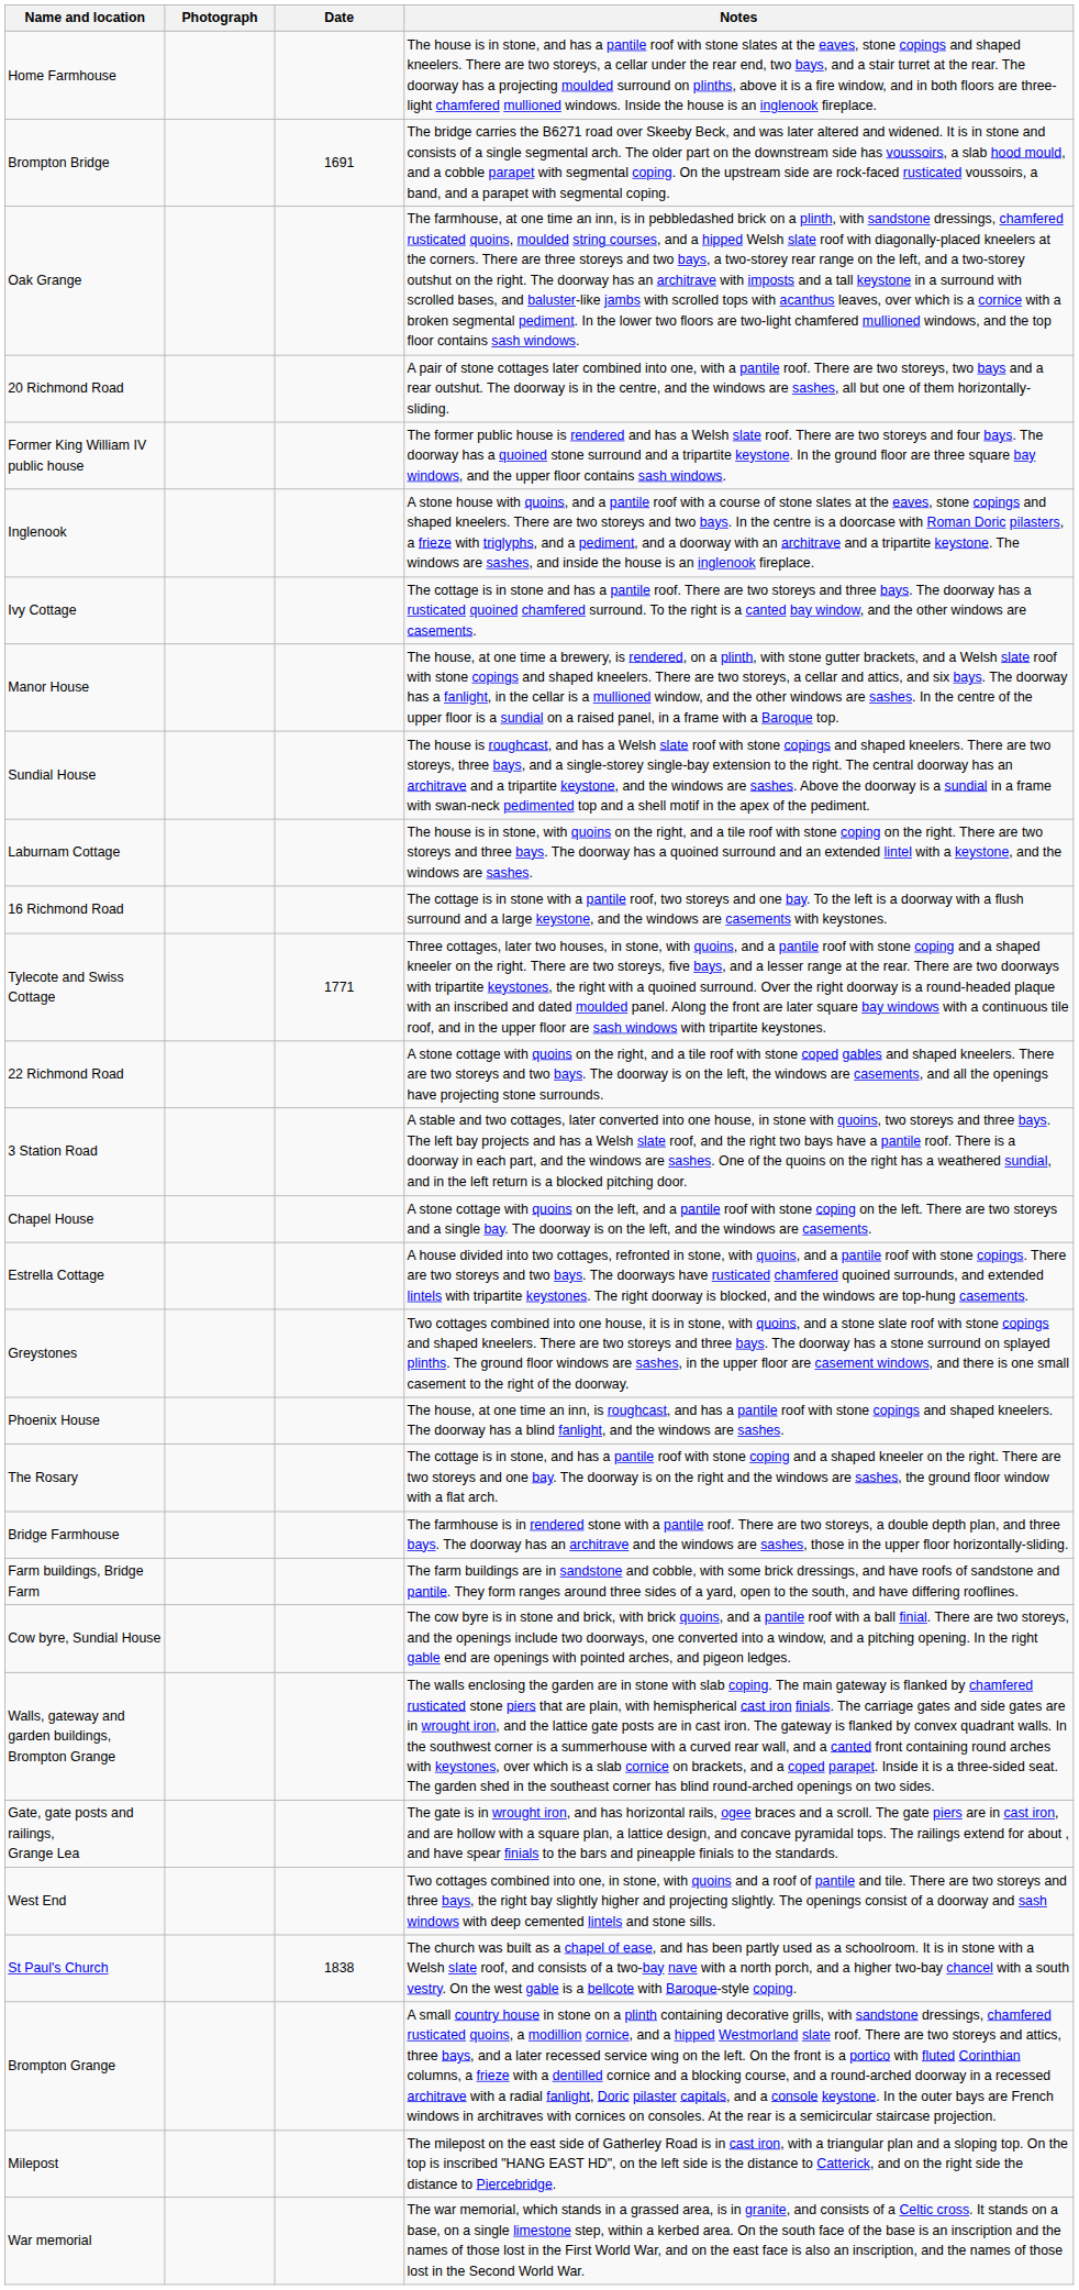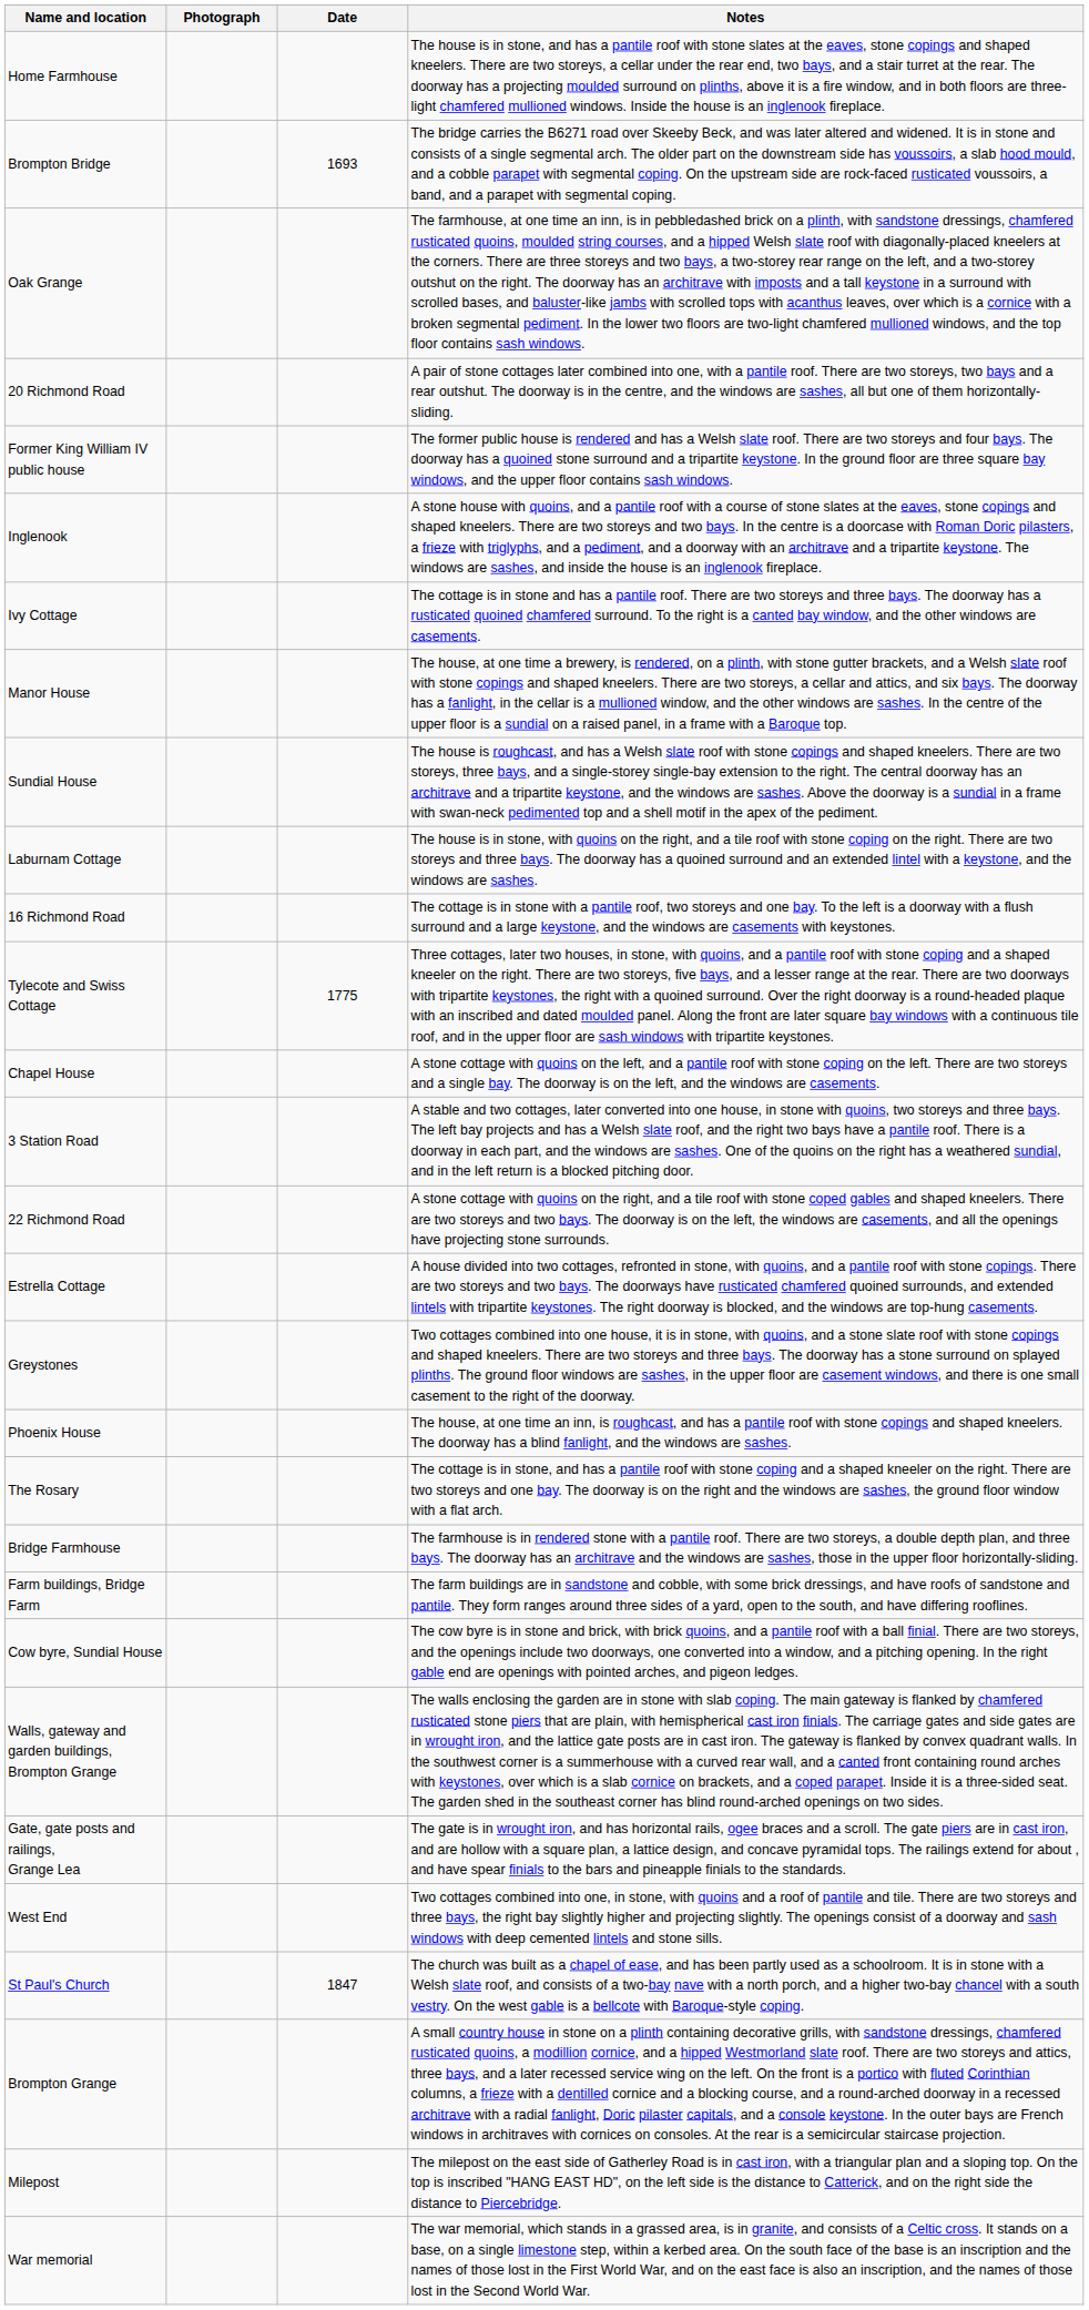 <table class="wikitable sortable plainrowheaders" style="width:100%;border:0px;text-align:left;line-height:150%;">
 <tr>
 <th scope="col"  style="width:150px">Name and location</th>
 <th scope="col"  style="width:100px" class="unsortable">Photograph</th>
 <th scope="col"  style="width:120px">Date</th>
 <th scope="col"  style="width:650px" class="unsortable">Notes</th>
 </tr>
 <tr>
 <td>Home Farmhouse<br><small></small></td>
 <td></td>
 <td align="center"></td>
 <td>The house is in stone, and has a <a href='#'>pantile</a> roof with stone slates at the <a href='#'>eaves</a>, stone <a href='#'>copings</a> and shaped kneelers.  There are two storeys, a cellar under the rear end, two <a href='#'>bays</a>, and a stair turret at the rear.   The doorway has a projecting <a href='#'>moulded</a> surround on <a href='#'>plinths</a>, above it is a fire window, and in both floors are three-light <a href='#'>chamfered</a> <a href='#'>mullioned</a> windows.  Inside the house is an <a href='#'>inglenook</a> fireplace.</td>
 </tr>
 <tr>
 <td>Brompton Bridge<br><small></small></td>
 <td></td>
-<td align="center">1691</td>
+<td align="center">1693</td>
 <td>The bridge carries the B6271 road over Skeeby Beck, and was later altered and widened.  It is in stone and consists of a single segmental arch.  The older part on the downstream side has <a href='#'>voussoirs</a>, a slab <a href='#'>hood mould</a>, and a cobble <a href='#'>parapet</a> with segmental <a href='#'>coping</a>.  On the upstream side are rock-faced <a href='#'>rusticated</a> voussoirs, a band, and a parapet with segmental coping.</td>
 </tr>
 <tr>
 <td>Oak Grange<br><small></small></td>
 <td></td>
 <td align="center"></td>
 <td>The farmhouse, at one time an inn, is in pebbledashed brick on a <a href='#'>plinth</a>, with <a href='#'>sandstone</a> dressings, <a href='#'>chamfered</a> <a href='#'>rusticated</a> <a href='#'>quoins</a>, <a href='#'>moulded</a> <a href='#'>string courses</a>, and a <a href='#'>hipped</a> Welsh <a href='#'>slate</a> roof with diagonally-placed kneelers at the corners.  There are three storeys and two <a href='#'>bays</a>, a two-storey rear range on the left, and a two-storey outshut on the right.  The doorway has an <a href='#'>architrave</a> with <a href='#'>imposts</a> and a tall <a href='#'>keystone</a> in a surround with scrolled bases, and <a href='#'>baluster</a>-like <a href='#'>jambs</a> with scrolled tops with <a href='#'>acanthus</a> leaves, over which is a <a href='#'>cornice</a> with a broken segmental <a href='#'>pediment</a>.  In the lower two floors are two-light chamfered <a href='#'>mullioned</a> windows, and the top floor contains <a href='#'>sash windows</a>.</td>
 </tr>
 <tr>
 <td>20 Richmond Road<br><small></small></td>
 <td></td>
 <td align="center"></td>
 <td>A pair of stone cottages later combined into one, with a <a href='#'>pantile</a> roof.  There are two storeys, two <a href='#'>bays</a> and a rear outshut.  The doorway is in the centre, and the windows are <a href='#'>sashes</a>, all but one of them horizontally-sliding.</td>
 </tr>
 <tr>
 <td>Former King William IV public house<br><small></small></td>
 <td></td>
 <td align="center"></td>
 <td>The former public house is <a href='#'>rendered</a> and has a Welsh <a href='#'>slate</a> roof.  There are two storeys and four <a href='#'>bays</a>.  The doorway has a <a href='#'>quoined</a> stone surround and a tripartite <a href='#'>keystone</a>.  In the ground floor are three square <a href='#'>bay windows</a>, and the upper floor contains <a href='#'>sash windows</a>.</td>
 </tr>
 <tr>
 <td>Inglenook<br><small></small></td>
 <td></td>
 <td align="center"></td>
 <td>A stone house with <a href='#'>quoins</a>, and a <a href='#'>pantile</a> roof with a course of stone slates at the <a href='#'>eaves</a>, stone <a href='#'>copings</a> and shaped kneelers.  There are two storeys and two <a href='#'>bays</a>.  In the centre is a doorcase with <a href='#'>Roman Doric</a> <a href='#'>pilasters</a>, a <a href='#'>frieze</a> with <a href='#'>triglyphs</a>, and a <a href='#'>pediment</a>, and a doorway with an <a href='#'>architrave</a> and a tripartite <a href='#'>keystone</a>.  The windows are <a href='#'>sashes</a>, and inside the house is an <a href='#'>inglenook</a> fireplace.</td>
 </tr>
 <tr>
 <td>Ivy Cottage<br><small></small></td>
 <td></td>
 <td align="center"></td>
 <td>The cottage is in stone and has a <a href='#'>pantile</a> roof.  There are two storeys and three <a href='#'>bays</a>.  The doorway has a <a href='#'>rusticated</a> <a href='#'>quoined</a> <a href='#'>chamfered</a> surround.  To the right is a <a href='#'>canted</a> <a href='#'>bay window</a>, and the other windows are <a href='#'>casements</a>.</td>
 </tr>
 <tr>
 <td>Manor House<br><small></small></td>
 <td></td>
 <td align="center"></td>
 <td>The house, at one time a brewery, is <a href='#'>rendered</a>, on a <a href='#'>plinth</a>, with stone gutter brackets, and a Welsh <a href='#'>slate</a> roof with stone <a href='#'>copings</a> and shaped kneelers.  There are two storeys,  a cellar and attics, and six <a href='#'>bays</a>.  The doorway has a <a href='#'>fanlight</a>, in the cellar is a <a href='#'>mullioned</a> window, and the other windows are <a href='#'>sashes</a>.  In the centre of the upper floor is a <a href='#'>sundial</a> on a raised panel, in a frame with a <a href='#'>Baroque</a> top.</td>
 </tr>
 <tr>
 <td>Sundial House<br><small></small></td>
 <td></td>
 <td align="center"></td>
 <td>The house is <a href='#'>roughcast</a>, and has a Welsh <a href='#'>slate</a> roof with stone <a href='#'>copings</a> and shaped kneelers.  There are two storeys, three <a href='#'>bays</a>, and a single-storey single-bay extension to the right.  The central doorway has an <a href='#'>architrave</a> and a tripartite <a href='#'>keystone</a>, and the windows are <a href='#'>sashes</a>.  Above the doorway is a <a href='#'>sundial</a> in a frame with swan-neck <a href='#'>pedimented</a> top and a shell motif in the apex of the pediment.</td>
 </tr>
 <tr>
 <td>Laburnam Cottage<br><small></small></td>
 <td></td>
 <td align="center"></td>
 <td>The house is in stone, with <a href='#'>quoins</a> on the right, and a tile roof with stone <a href='#'>coping</a> on the right.  There are two storeys and three <a href='#'>bays</a>.  The doorway has a quoined surround and an extended <a href='#'>lintel</a> with a <a href='#'>keystone</a>, and the windows are <a href='#'>sashes</a>.</td>
 </tr>
 <tr>
 <td>16 Richmond Road<br><small></small></td>
 <td></td>
 <td align="center"></td>
 <td>The cottage is in stone with a <a href='#'>pantile</a> roof, two storeys and one <a href='#'>bay</a>.  To the left is a doorway with a flush surround and a large <a href='#'>keystone</a>, and the windows are <a href='#'>casements</a> with keystones.</td>
 </tr>
 <tr>
 <td>Tylecote and Swiss Cottage<br><small></small></td>
 <td></td>
-<td align="center">1771</td>
+<td align="center">1775</td>
 <td>Three cottages, later two houses, in stone, with <a href='#'>quoins</a>, and a <a href='#'>pantile</a> roof with stone <a href='#'>coping</a> and a shaped kneeler on the right.  There are two storeys, five <a href='#'>bays</a>, and a lesser range at the rear.  There are two doorways with tripartite <a href='#'>keystones</a>, the right with a quoined surround.  Over the right doorway is a round-headed plaque with an inscribed and dated <a href='#'>moulded</a> panel.  Along the front are later square <a href='#'>bay windows</a> with a continuous tile roof, and in the upper floor are <a href='#'>sash windows</a> with tripartite keystones.</td>
 </tr>
 <tr>
-<td>22 Richmond Road<br><small></small></td>
+<td>Chapel House<br><small></small></td>
 <td></td>
 <td align="center"></td>
-<td>A stone cottage with <a href='#'>quoins</a> on the right, and a tile roof with stone <a href='#'>coped</a> <a href='#'>gables</a> and shaped kneelers.  There are two storeys and two <a href='#'>bays</a>.  The doorway is on the left, the windows are <a href='#'>casements</a>, and all the openings have projecting stone surrounds.</td>
+<td>A stone cottage with <a href='#'>quoins</a> on the left, and a <a href='#'>pantile</a> roof with stone <a href='#'>coping</a> on the left.  There are two storeys and a single <a href='#'>bay</a>.  The doorway is on the left, and the windows are <a href='#'>casements</a>.</td>
 </tr>
 <tr>
 <td>3 Station Road<br><small></small></td>
 <td></td>
 <td align="center"></td>
 <td>A stable and two cottages, later converted into one house, in stone with <a href='#'>quoins</a>, two storeys and three <a href='#'>bays</a>.  The left bay projects and has a Welsh <a href='#'>slate</a> roof, and the right two bays have a <a href='#'>pantile</a> roof.  There is a doorway in each part, and the windows are <a href='#'>sashes</a>.  One of the quoins on the right has a weathered <a href='#'>sundial</a>, and in the left return is a blocked pitching door.</td>
 </tr>
 <tr>
-<td>Chapel House<br><small></small></td>
+<td>22 Richmond Road<br><small></small></td>
 <td></td>
 <td align="center"></td>
-<td>A stone cottage with <a href='#'>quoins</a> on the left, and a <a href='#'>pantile</a> roof with stone <a href='#'>coping</a> on the left.  There are two storeys and a single <a href='#'>bay</a>.  The doorway is on the left, and the windows are <a href='#'>casements</a>.</td>
+<td>A stone cottage with <a href='#'>quoins</a> on the right, and a tile roof with stone <a href='#'>coped</a> <a href='#'>gables</a> and shaped kneelers.  There are two storeys and two <a href='#'>bays</a>.  The doorway is on the left, the windows are <a href='#'>casements</a>, and all the openings have projecting stone surrounds.</td>
 </tr>
 <tr>
 <td>Estrella Cottage<br><small></small></td>
 <td></td>
 <td align="center"></td>
 <td>A house divided into two cottages, refronted in stone, with <a href='#'>quoins</a>, and a <a href='#'>pantile</a> roof with stone <a href='#'>copings</a>.  There are two storeys and two <a href='#'>bays</a>.  The doorways have <a href='#'>rusticated</a> <a href='#'>chamfered</a> quoined surrounds, and extended <a href='#'>lintels</a> with tripartite <a href='#'>keystones</a>.  The right doorway is blocked, and the windows are top-hung <a href='#'>casements</a>.</td>
 </tr>
 <tr>
 <td>Greystones<br><small></small></td>
 <td></td>
 <td align="center"></td>
 <td>Two cottages combined into one house, it is in stone, with <a href='#'>quoins</a>, and a stone slate roof with stone <a href='#'>copings</a> and shaped kneelers.  There are two storeys and three <a href='#'>bays</a>.  The doorway has a stone surround on splayed <a href='#'>plinths</a>.  The ground floor windows are <a href='#'>sashes</a>, in the upper floor are <a href='#'>casement windows</a>, and there is one small casement to the right of the doorway.</td>
 </tr>
 <tr>
 <td>Phoenix House<br><small></small></td>
 <td></td>
 <td align="center"></td>
 <td>The house, at one time an inn, is <a href='#'>roughcast</a>, and has a <a href='#'>pantile</a> roof with stone <a href='#'>copings</a> and shaped kneelers.  The doorway has a blind <a href='#'>fanlight</a>, and the windows are <a href='#'>sashes</a>.</td>
 </tr>
 <tr>
 <td>The Rosary<br><small></small></td>
 <td></td>
 <td align="center"></td>
 <td>The cottage is in stone, and has a <a href='#'>pantile</a> roof with stone <a href='#'>coping</a> and a shaped kneeler on the right. There are two storeys and one <a href='#'>bay</a>.  The doorway is on the right and the windows are <a href='#'>sashes</a>, the ground floor window with a flat arch.</td>
 </tr>
 <tr>
 <td>Bridge Farmhouse<br><small></small></td>
 <td></td>
 <td align="center"></td>
 <td>The farmhouse is in <a href='#'>rendered</a> stone with a <a href='#'>pantile</a> roof.  There are two storeys, a double depth plan, and three <a href='#'>bays</a>.  The doorway has an <a href='#'>architrave</a> and the windows are <a href='#'>sashes</a>, those in the upper floor horizontally-sliding.</td>
 </tr>
 <tr>
 <td>Farm buildings, Bridge Farm<br><small></small></td>
 <td></td>
 <td align="center"></td>
 <td>The farm buildings are in <a href='#'>sandstone</a> and cobble, with some brick dressings, and have roofs of sandstone and <a href='#'>pantile</a>.  They form ranges around three sides of a yard, open to the south, and have differing rooflines.</td>
 </tr>
 <tr>
 <td>Cow byre, Sundial House<br><small></small></td>
 <td></td>
 <td align="center"></td>
 <td>The cow byre is in stone and brick, with brick <a href='#'>quoins</a>, and a <a href='#'>pantile</a> roof with a ball <a href='#'>finial</a>.  There are two storeys, and the openings include two doorways, one converted into a window, and a pitching opening.  In the right <a href='#'>gable</a> end are openings with pointed arches, and pigeon ledges.</td>
 </tr>
 <tr>
 <td>Walls, gateway and garden buildings, <br>Brompton Grange<br><small></small></td>
 <td></td>
 <td align="center"></td>
 <td>The walls enclosing the garden are in stone with slab <a href='#'>coping</a>.  The main gateway is flanked by <a href='#'>chamfered</a> <a href='#'>rusticated</a> stone <a href='#'>piers</a> that are plain, with hemispherical <a href='#'>cast iron</a> <a href='#'>finials</a>.  The carriage gates and side gates are in <a href='#'>wrought iron</a>, and the lattice gate posts are in cast iron.  The gateway is flanked by convex quadrant walls.  In the southwest corner is a summerhouse with a curved rear wall, and a <a href='#'>canted</a> front containing round arches with <a href='#'>keystones</a>, over which is a slab <a href='#'>cornice</a> on brackets, and a <a href='#'>coped</a> <a href='#'>parapet</a>.  Inside it is a three-sided seat.  The garden shed in the southeast corner has blind round-arched openings on two sides.</td>
 </tr>
 <tr>
 <td>Gate, gate posts and railings,<br>Grange Lea<br><small></small></td>
 <td></td>
 <td align="center"></td>
 <td>The gate is in <a href='#'>wrought iron</a>, and has horizontal rails, <a href='#'>ogee</a> braces and a scroll.  The gate <a href='#'>piers</a> are in <a href='#'>cast iron</a>, and are hollow with a square plan, a lattice design, and concave pyramidal tops. The railings extend for about , and have spear <a href='#'>finials</a> to the bars and pineapple finials to the standards.</td>
 </tr>
 <tr>
 <td>West End<br><small></small></td>
 <td></td>
 <td align="center"></td>
 <td>Two cottages combined into one, in stone, with <a href='#'>quoins</a> and a roof of <a href='#'>pantile</a> and tile.  There are two storeys and three <a href='#'>bays</a>, the right bay slightly higher and projecting slightly.  The openings consist of a doorway and <a href='#'>sash windows</a> with deep cemented <a href='#'>lintels</a> and stone sills.</td>
 </tr>
 <tr>
 <td><a href='#'>St Paul's Church</a><br><small></small></td>
 <td></td>
-<td align="center">1838</td>
+<td align="center">1847</td>
 <td>The church was built as a <a href='#'>chapel of ease</a>, and has been partly used as a schoolroom.  It is in stone with a Welsh <a href='#'>slate</a> roof, and consists of a two-<a href='#'>bay</a> <a href='#'>nave</a> with a north porch, and a higher two-bay <a href='#'>chancel</a> with a south <a href='#'>vestry</a>.  On the west <a href='#'>gable</a> is a <a href='#'>bellcote</a> with <a href='#'>Baroque</a>-style <a href='#'>coping</a>.</td>
 </tr>
 <tr>
 <td>Brompton Grange<br><small></small></td>
 <td></td>
 <td align="center"></td>
 <td>A small <a href='#'>country house</a> in stone on a <a href='#'>plinth</a> containing decorative grills, with <a href='#'>sandstone</a> dressings, <a href='#'>chamfered</a> <a href='#'>rusticated</a> <a href='#'>quoins</a>, a <a href='#'>modillion</a> <a href='#'>cornice</a>, and a <a href='#'>hipped</a> <a href='#'>Westmorland</a> <a href='#'>slate</a> roof.  There are two storeys and attics, three <a href='#'>bays</a>, and a later recessed service wing on the left.  On the front is a <a href='#'>portico</a> with <a href='#'>fluted</a> <a href='#'>Corinthian</a> columns, a <a href='#'>frieze</a> with a <a href='#'>dentilled</a> cornice and a blocking course, and a round-arched doorway in a recessed <a href='#'>architrave</a> with a radial <a href='#'>fanlight</a>, <a href='#'>Doric</a> <a href='#'>pilaster</a> <a href='#'>capitals</a>, and a <a href='#'>console</a> <a href='#'>keystone</a>.  In the outer bays are French windows in architraves with cornices on consoles.  At the rear is a semicircular staircase projection.</td>
 </tr>
 <tr>
 <td>Milepost<br><small></small></td>
 <td></td>
 <td align="center"></td>
 <td>The milepost on the east side of Gatherley Road is in <a href='#'>cast iron</a>, with a triangular plan and a sloping top.  On the top is inscribed "HANG EAST HD", on the left side is the distance to <a href='#'>Catterick</a>, and on the right side the distance to <a href='#'>Piercebridge</a>.</td>
 </tr>
 <tr>
 <td>War memorial<br><small></small></td>
 <td></td>
 <td align="center"></td>
 <td>The war memorial, which stands in a grassed area, is in <a href='#'>granite</a>, and consists of a <a href='#'>Celtic cross</a>.  It stands on a base, on a single <a href='#'>limestone</a> step, within a kerbed area.  On the south face of the base is an inscription and the names of those lost in the First World War, and on the east face is also an inscription, and the names of those lost in the Second World War.</td>
 </tr>
 </table>
